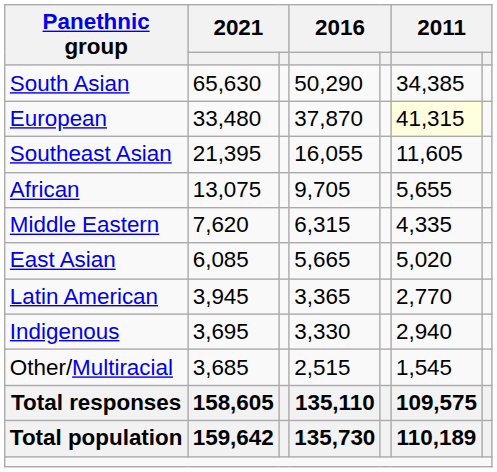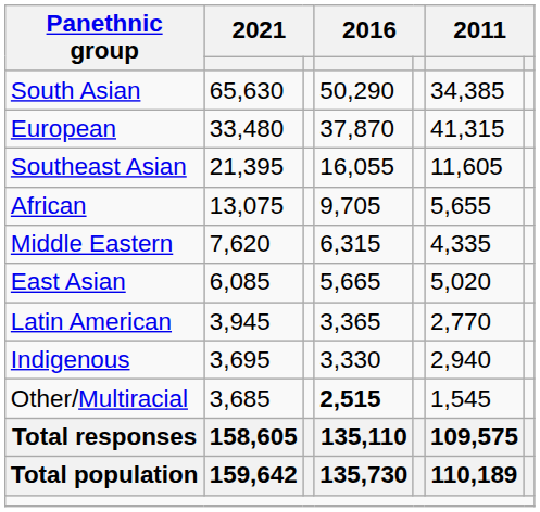 <table class="wikitable collapsible sortable">
 <tr>
 <th rowspan="2"><a href='#'>Panethnic</a><br>group</th>
 <th colspan="2">2021</th>
 <th colspan="2">2016</th>
 <th colspan="2">2011</th>
 </tr>
 <tr>
 <th><a href='#'></a></th>
 <th></th>
 <th></th>
 <th></th>
 <th></th>
 <th></th>
 </tr>
 <tr>
 <td><a href='#'>South Asian</a></td>
 <td>65,630</td>
 <td></td>
 <td>50,290</td>
 <td></td>
 <td>34,385</td>
 <td></td>
 </tr>
 <tr>
 <td><a href='#'>European</a></td>
 <td>33,480</td>
 <td></td>
 <td>37,870</td>
 <td></td>
-<td style="background: lightyellow;">41,315</td>
+<td>41,315</td>
 <td></td>
 </tr>
 <tr>
 <td><a href='#'>Southeast Asian</a></td>
 <td>21,395</td>
 <td></td>
 <td>16,055</td>
 <td></td>
 <td>11,605</td>
 <td></td>
 </tr>
 <tr>
 <td><a href='#'>African</a></td>
 <td>13,075</td>
 <td></td>
 <td>9,705</td>
 <td></td>
 <td>5,655</td>
 <td></td>
 </tr>
 <tr>
 <td><a href='#'>Middle Eastern</a></td>
 <td>7,620</td>
 <td></td>
 <td>6,315</td>
 <td></td>
 <td>4,335</td>
 <td></td>
 </tr>
 <tr>
 <td><a href='#'>East Asian</a></td>
 <td>6,085</td>
 <td></td>
 <td>5,665</td>
 <td></td>
 <td>5,020</td>
 <td></td>
 </tr>
 <tr>
 <td><a href='#'>Latin American</a></td>
 <td>3,945</td>
 <td></td>
 <td>3,365</td>
 <td></td>
 <td>2,770</td>
 <td></td>
 </tr>
 <tr>
 <td><a href='#'>Indigenous</a></td>
 <td>3,695</td>
 <td></td>
 <td>3,330</td>
 <td></td>
 <td>2,940</td>
 <td></td>
 </tr>
 <tr>
 <td>Other/<a href='#'>Multiracial</a></td>
 <td>3,685</td>
 <td></td>
-<td>2,515</td>
+<td><strong>2,515</strong></td>
 <td></td>
 <td>1,545</td>
 <td></td>
 </tr>
 <tr>
 <th>Total responses</th>
 <th>158,605</th>
 <th></th>
 <th>135,110</th>
 <th></th>
 <th>109,575</th>
 <th></th>
 </tr>
 <tr>
 <th>Total population</th>
 <th>159,642</th>
 <th></th>
 <th>135,730</th>
 <th></th>
 <th>110,189</th>
 <th></th>
 </tr>
 <tr class="sortbottom">
 <td colspan="15"></td>
 </tr>
 </table>
